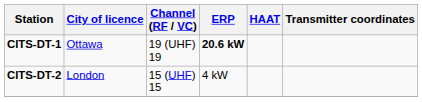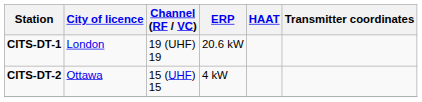 <table class="wikitable">
 <tr>
 <th>Station</th>
 <th><a href='#'>City of licence</a></th>
 <th><a href='#'>Channel</a><br>(<a href='#'>RF</a> / <a href='#'>VC</a>)</th>
 <th><a href='#'>ERP</a></th>
 <th><a href='#'>HAAT</a></th>
 <th>Transmitter coordinates</th>
 </tr>
 <tr style="vertical-align: top; text-align: left;">
 <td><strong>CITS-DT-1</strong></td>
-<td><a href='#'>Ottawa</a></td>
+<td><a href='#'>London</a></td>
 <td>19 (UHF)<br>19</td>
-<td><strong>20.6 kW</strong></td>
+<td>20.6 kW</td>
 <td></td>
 <td></td>
 </tr>
 <tr style="vertical-align: top; text-align: left;">
 <td><strong>CITS-DT-2</strong></td>
-<td><a href='#'>London</a></td>
+<td><a href='#'>Ottawa</a></td>
 <td>15 (<a href='#'>UHF</a>)<br>15</td>
 <td>4 kW</td>
 <td></td>
 <td></td>
 </tr>
 <tr style="vertical-align: top; text-align: left;">
 </tr>
 </table>
